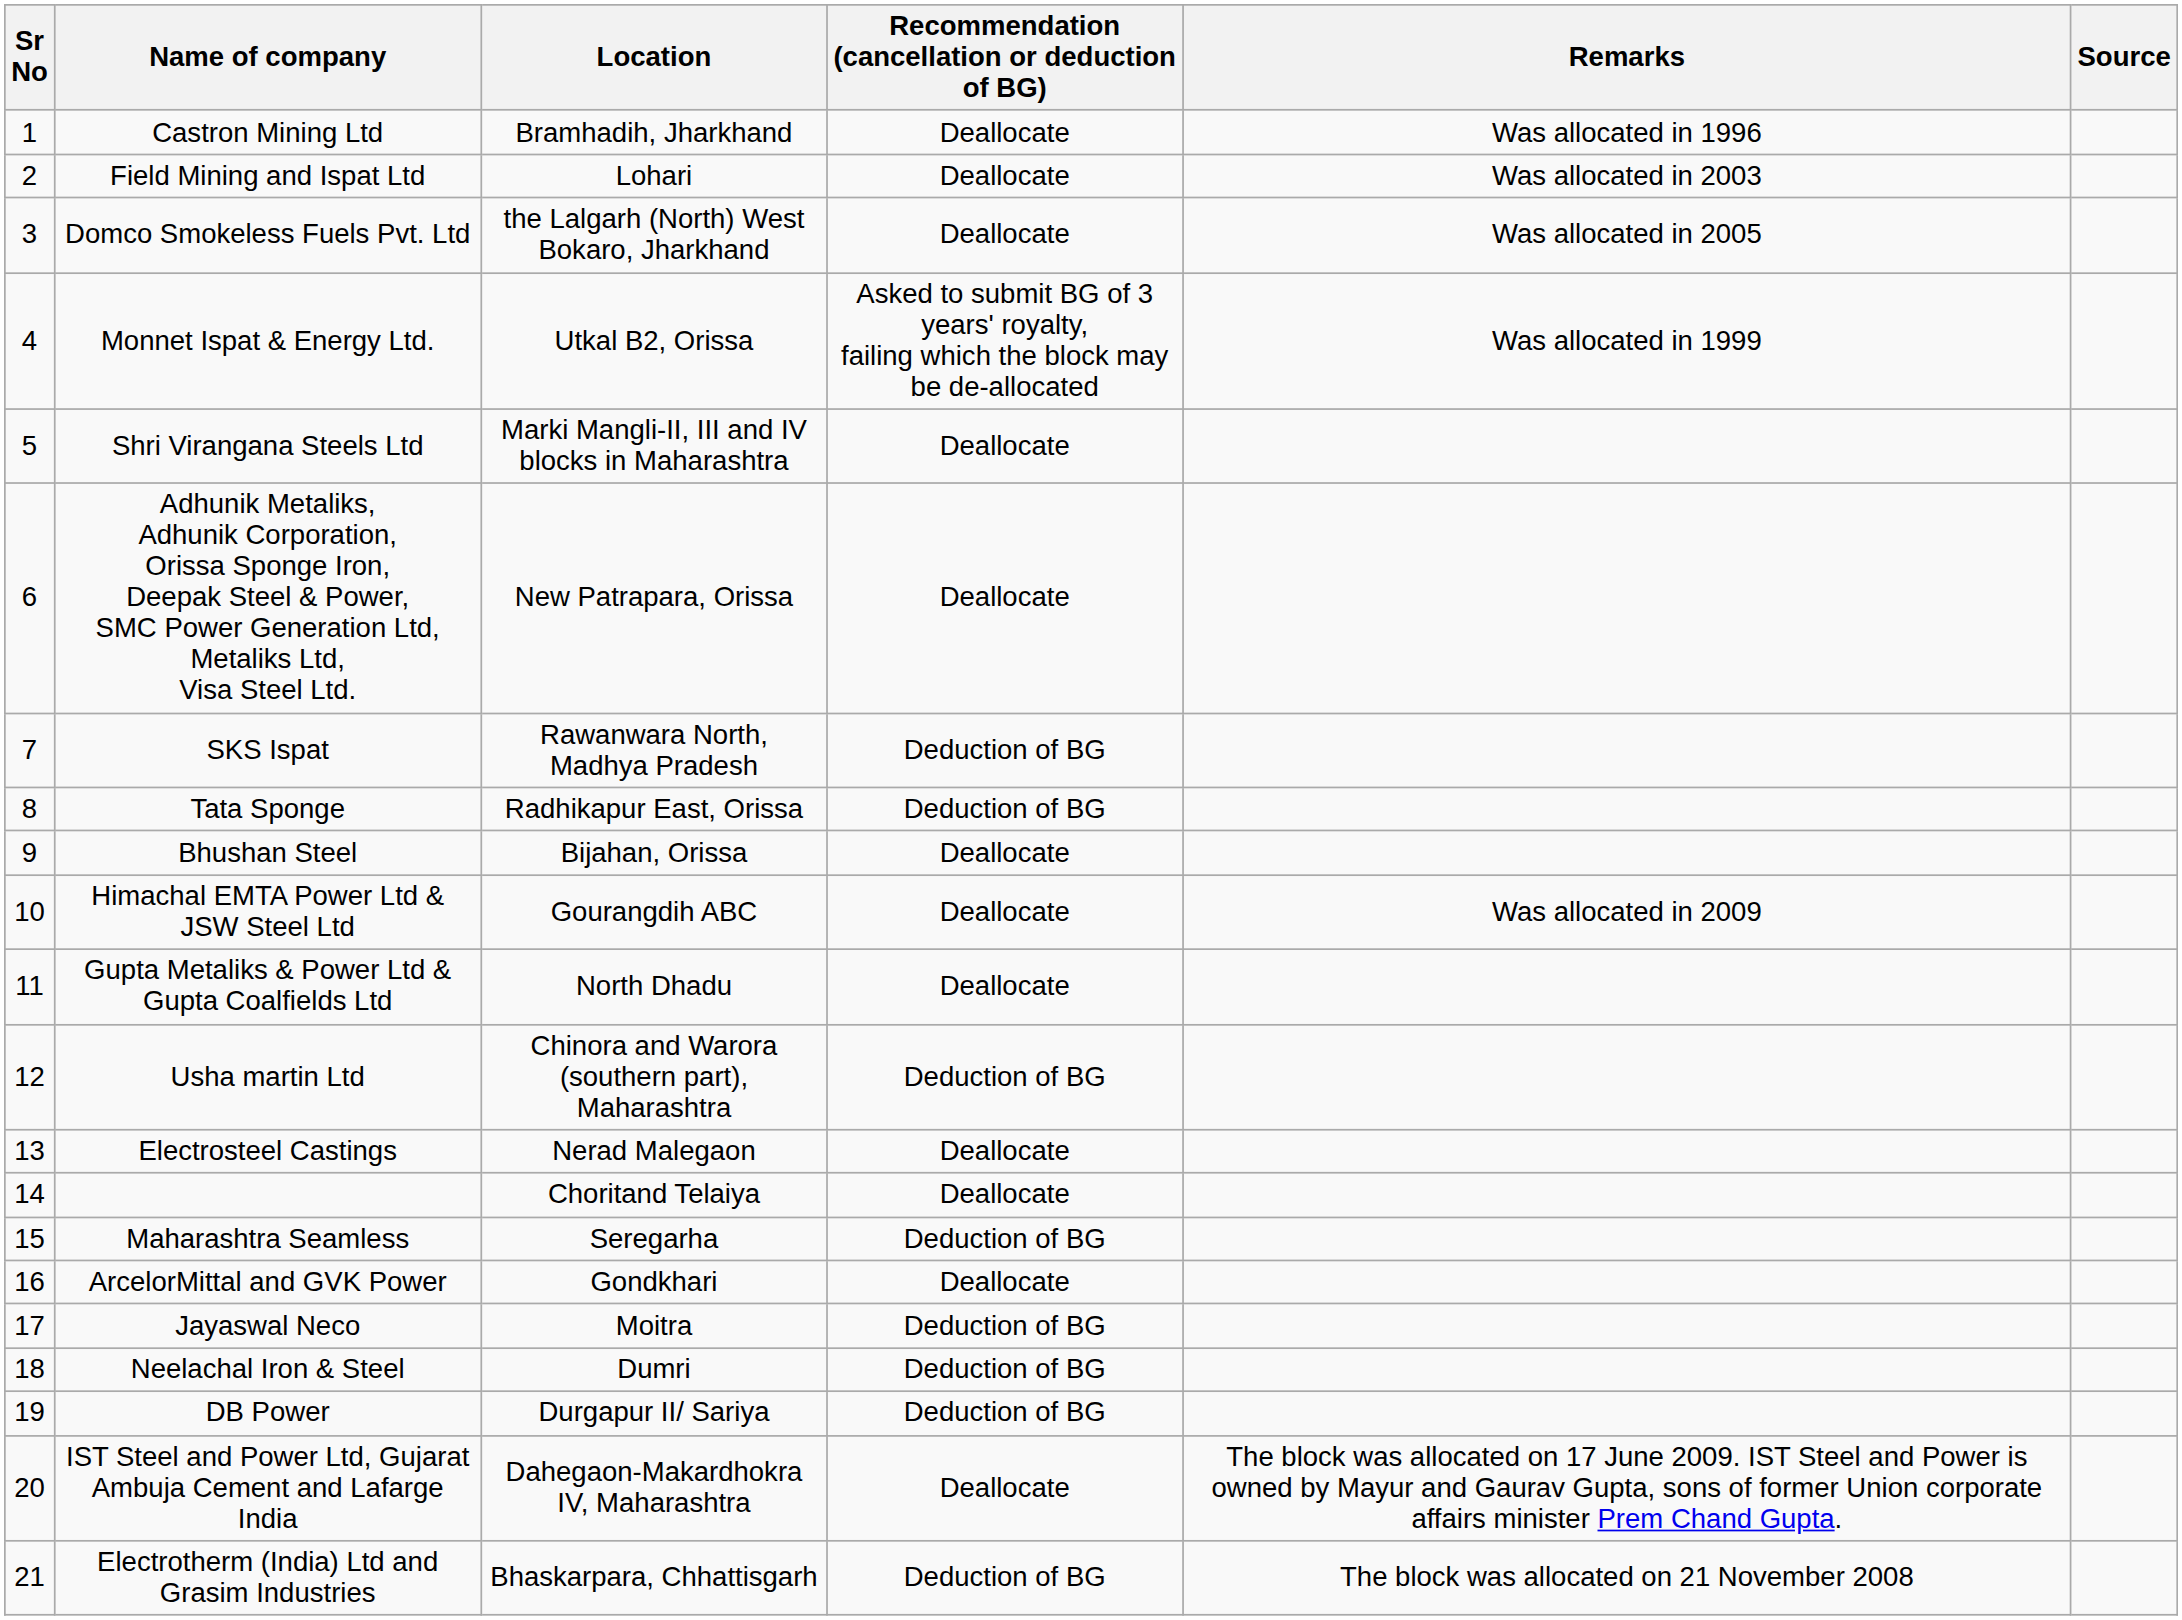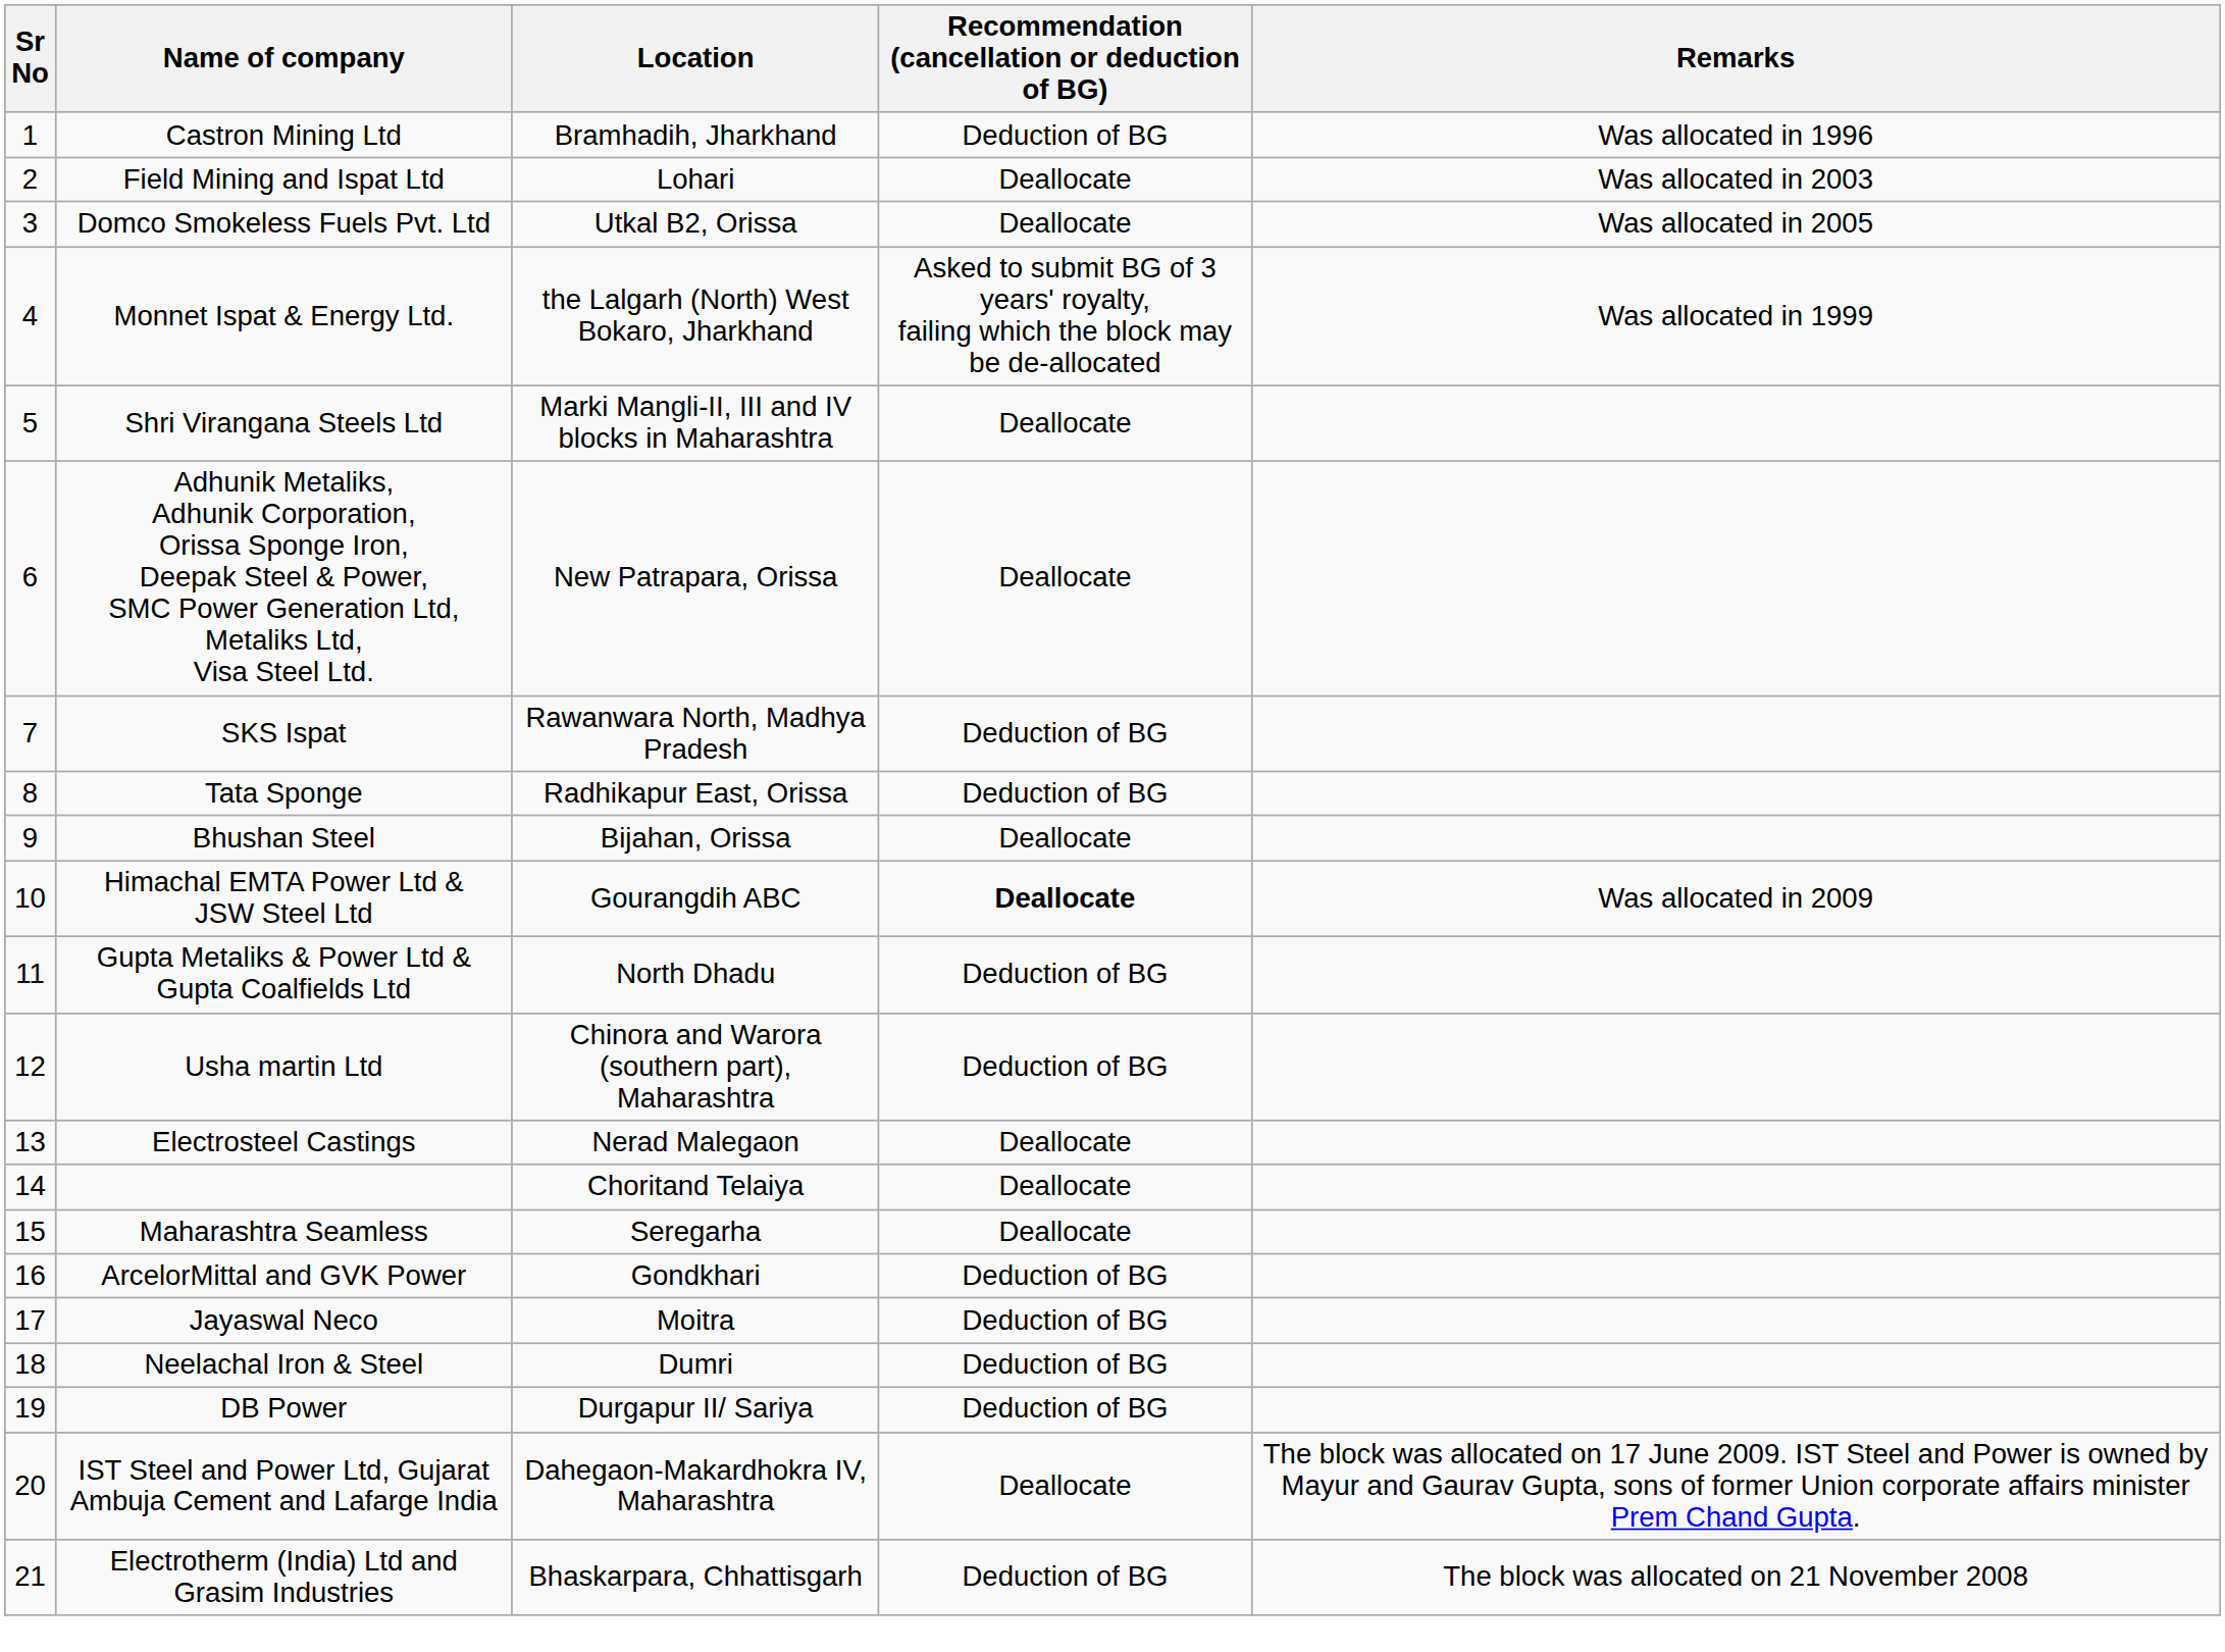 <table class="wikitable sortable" style="text-align:center;align:right;margin: 1em auto 1em auto;">
 <tr>
 <th>Sr<br>No<br></th>
 <th>Name of company</th>
 <th>Location</th>
 <th>Recommendation<br>(cancellation or deduction of BG)<br></th>
 <th>Remarks</th>
-<th>Source</th>
 </tr>
 <tr>
 <td>1</td>
 <td>Castron Mining Ltd</td>
 <td>Bramhadih, Jharkhand</td>
-<td>Deallocate</td>
+<td>Deduction of BG</td>
 <td>Was allocated in 1996</td>
-<td></td>
 </tr>
 <tr>
 <td>2</td>
 <td>Field Mining and Ispat Ltd</td>
 <td>Lohari</td>
 <td>Deallocate</td>
 <td>Was allocated in 2003</td>
-<td></td>
 </tr>
 <tr>
 <td>3</td>
 <td>Domco Smokeless Fuels Pvt. Ltd</td>
-<td>the Lalgarh (North) West Bokaro, Jharkhand</td>
+<td>Utkal B2, Orissa</td>
 <td>Deallocate</td>
 <td>Was allocated in 2005</td>
-<td></td>
 </tr>
 <tr>
 <td>4</td>
 <td>Monnet Ispat & Energy Ltd.</td>
-<td>Utkal B2, Orissa</td>
+<td>the Lalgarh (North) West Bokaro, Jharkhand</td>
 <td>Asked to submit BG of 3 years' royalty,<br>failing which the block may be de-allocated</td>
 <td>Was allocated in 1999</td>
-<td></td>
 </tr>
 <tr>
 <td>5</td>
 <td>Shri Virangana Steels Ltd</td>
 <td>Marki Mangli-II, III and IV blocks in Maharashtra</td>
 <td>Deallocate</td>
-<td></td>
 <td></td>
 </tr>
 <tr>
 <td>6</td>
 <td>Adhunik Metaliks, <br>Adhunik Corporation,<br>Orissa Sponge Iron,<br>Deepak Steel & Power,<br>SMC Power Generation Ltd,<br>Metaliks Ltd,<br>Visa Steel Ltd.</td>
 <td>New Patrapara, Orissa</td>
 <td>Deallocate</td>
 <td></td>
-<td></td>
 </tr>
 <tr>
 <td>7</td>
 <td>SKS Ispat</td>
 <td>Rawanwara North, Madhya Pradesh</td>
 <td>Deduction of BG</td>
-<td></td>
 <td></td>
 </tr>
 <tr>
 <td>8</td>
 <td>Tata Sponge</td>
 <td>Radhikapur East, Orissa</td>
 <td>Deduction of BG</td>
 <td></td>
-<td></td>
 </tr>
 <tr>
 <td>9</td>
 <td>Bhushan Steel</td>
 <td>Bijahan, Orissa</td>
 <td>Deallocate</td>
 <td></td>
-<td></td>
 </tr>
 <tr>
 <td>10</td>
 <td>Himachal EMTA Power Ltd & <br>JSW Steel Ltd</td>
 <td>Gourangdih ABC</td>
-<td>Deallocate</td>
+<td><strong>Deallocate</strong></td>
 <td>Was allocated in 2009</td>
-<td></td>
 </tr>
 <tr>
 <td>11</td>
 <td>Gupta Metaliks & Power Ltd &<br> Gupta Coalfields Ltd</td>
 <td>North Dhadu</td>
-<td>Deallocate</td>
-<td></td>
+<td>Deduction of BG</td>
 <td></td>
 </tr>
 <tr>
 <td>12</td>
 <td>Usha martin Ltd</td>
 <td>Chinora and Warora (southern part), Maharashtra</td>
 <td>Deduction of BG</td>
 <td></td>
-<td></td>
 </tr>
 <tr>
 <td>13</td>
 <td>Electrosteel Castings</td>
 <td>Nerad Malegaon</td>
 <td>Deallocate</td>
-<td></td>
 <td></td>
 </tr>
 <tr>
 <td>14</td>
 <td></td>
 <td>Choritand Telaiya</td>
 <td>Deallocate</td>
 <td></td>
-<td></td>
 </tr>
 <tr>
 <td>15</td>
 <td>Maharashtra Seamless</td>
 <td>Seregarha</td>
-<td>Deduction of BG</td>
-<td></td>
+<td>Deallocate</td>
 <td></td>
 </tr>
 <tr>
 <td>16</td>
 <td>ArcelorMittal and GVK Power</td>
 <td>Gondkhari</td>
-<td>Deallocate</td>
-<td></td>
+<td>Deduction of BG</td>
 <td></td>
 </tr>
 <tr>
 <td>17</td>
 <td>Jayaswal Neco</td>
 <td>Moitra</td>
 <td>Deduction of BG</td>
 <td></td>
-<td></td>
 </tr>
 <tr>
 <td>18</td>
 <td>Neelachal Iron & Steel</td>
 <td>Dumri</td>
 <td>Deduction of BG</td>
-<td></td>
 <td></td>
 </tr>
 <tr>
 <td>19</td>
 <td>DB Power</td>
 <td>Durgapur II/ Sariya</td>
 <td>Deduction of BG</td>
 <td></td>
-<td></td>
 </tr>
 <tr>
 <td>20</td>
 <td>IST Steel and Power Ltd, Gujarat Ambuja Cement and Lafarge India</td>
 <td>Dahegaon-Makardhokra IV, Maharashtra</td>
 <td>Deallocate</td>
 <td>The block was allocated on 17 June 2009. IST Steel and Power is owned by Mayur and Gaurav Gupta, sons of former Union corporate affairs minister <a href='#'>Prem Chand Gupta</a>.</td>
-<td></td>
 </tr>
 <tr>
 <td>21</td>
 <td>Electrotherm (India) Ltd and Grasim Industries</td>
 <td>Bhaskarpara, Chhattisgarh</td>
 <td>Deduction of BG</td>
 <td>The block was allocated on 21 November 2008</td>
-<td><br></td>
 </tr>
 </table>
